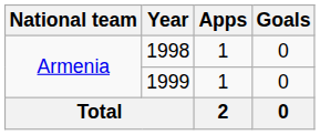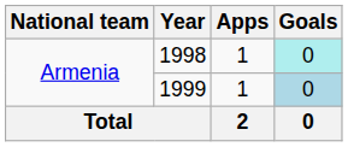 <table class="wikitable" style="text-align:center">
 <tr>
 <th>National team</th>
 <th>Year</th>
 <th>Apps</th>
 <th>Goals</th>
 </tr>
 <tr>
 <td rowspan="2"><a href='#'>Armenia</a></td>
 <td>1998</td>
 <td>1</td>
-<td>0</td>
+<td style="background: paleturquoise;">0</td>
 </tr>
 <tr>
 <td>1999</td>
 <td>1</td>
-<td>0</td>
+<td style="background: lightblue;">0</td>
 </tr>
 <tr>
 <th colspan="2">Total</th>
 <th>2</th>
 <th>0</th>
 </tr>
 </table>
